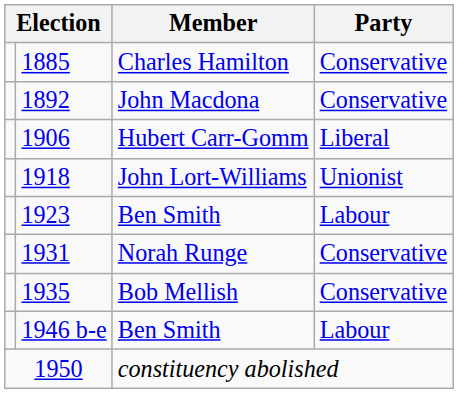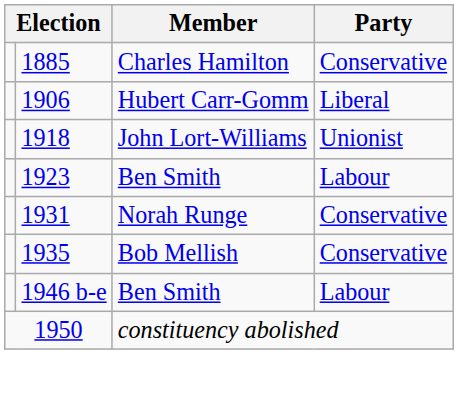 <table class="wikitable">
 <tr>
 <th colspan="2">Election</th>
 <th>Member</th>
 <th>Party</th>
 </tr>
 <tr>
 <td style="color:inherit;background-color: "></td>
 <td><a href='#'>1885</a></td>
 <td><a href='#'>Charles Hamilton</a></td>
-<td><a href='#'>Conservative</a></td>
-</tr>
-<tr>
-<td style="color:inherit;background-color: "></td>
-<td><a href='#'>1892</a></td>
-<td><a href='#'>John Macdona</a></td>
 <td><a href='#'>Conservative</a></td>
 </tr>
 <tr>
 <td style="color:inherit;background-color: "></td>
 <td><a href='#'>1906</a></td>
 <td><a href='#'>Hubert Carr-Gomm</a></td>
 <td><a href='#'>Liberal</a></td>
 </tr>
 <tr>
 <td style="color:inherit;background-color: "></td>
 <td><a href='#'>1918</a></td>
 <td><a href='#'>John Lort-Williams</a></td>
 <td><a href='#'>Unionist</a></td>
 </tr>
 <tr>
 <td style="color:inherit;background-color: "></td>
 <td><a href='#'>1923</a></td>
 <td><a href='#'>Ben Smith</a></td>
 <td><a href='#'>Labour</a></td>
 </tr>
 <tr>
 <td style="color:inherit;background-color: "></td>
 <td><a href='#'>1931</a></td>
 <td><a href='#'>Norah Runge</a></td>
 <td><a href='#'>Conservative</a></td>
 </tr>
 <tr>
 <td style="color:inherit;background-color: "></td>
 <td><a href='#'>1935</a></td>
 <td><a href='#'>Bob Mellish</a></td>
 <td><a href='#'>Conservative</a></td>
 </tr>
 <tr>
 <td style="color:inherit;background-color: "></td>
 <td><a href='#'>1946 b-e</a></td>
 <td><a href='#'>Ben Smith</a></td>
 <td><a href='#'>Labour</a></td>
 </tr>
 <tr>
 <td colspan="2" align="center"><a href='#'>1950</a></td>
 <td colspan="2"><em>constituency abolished</em></td>
 </tr>
 </table>
